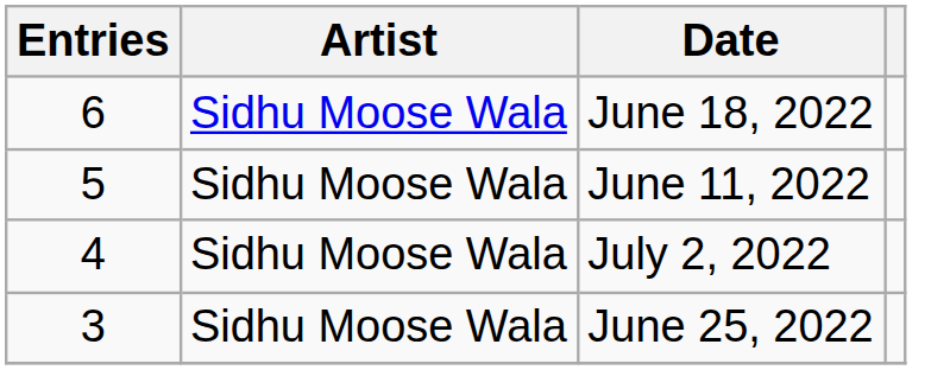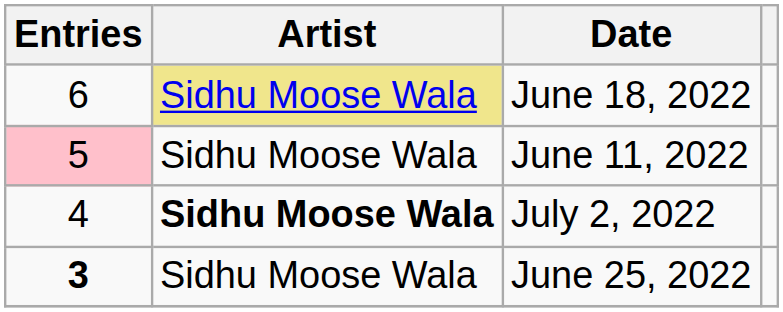 <table class="wikitable sortable" >
 <tr>
 <th>Entries</th>
 <th>Artist</th>
 <th>Date</th>
 <th class="unsortable"></th>
 </tr>
 <tr>
 <td style="text-align:center;">6</td>
-<td><a href='#'>Sidhu Moose Wala</a></td>
+<td style="background: khaki;"><a href='#'>Sidhu Moose Wala</a></td>
 <td>June 18, 2022</td>
 <td></td>
 </tr>
 <tr>
-<td style="text-align:center;">5</td>
+<td style="background: pink; text-align:center;">5</td>
 <td>Sidhu Moose Wala</td>
 <td>June 11, 2022</td>
 <td></td>
 </tr>
 <tr>
 <td style="text-align:center;">4</td>
-<td>Sidhu Moose Wala</td>
+<td><strong>Sidhu Moose Wala</strong></td>
 <td>July 2, 2022</td>
 <td></td>
 </tr>
 <tr>
-<td style="text-align:center;">3</td>
+<td style="text-align:center;"><strong>3</strong></td>
 <td>Sidhu Moose Wala</td>
 <td>June 25, 2022</td>
 <td></td>
 </tr>
 <tr>
 </tr>
 </table>
